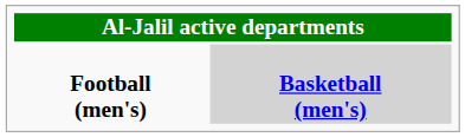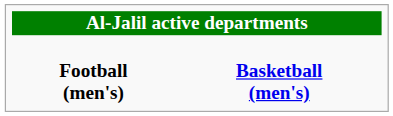 <table class="infobox" style="width: 20em; font-size: 95%em;">
 <tr style="color:white; background:green; text-align:center;">
 <th colspan="3" style="text-align: center">Al-Jalil active departments</th>
 </tr>
 <tr style="text-align: center">
 <td><br><strong>Football<br>(men's)</strong></td>
-<td style="background: lightgrey;"><br><strong><a href='#'>Basketball<br>(men's)</a></strong></td>
+<td><br><strong><a href='#'>Basketball<br>(men's)</a></strong></td>
 </tr>
 </table>
